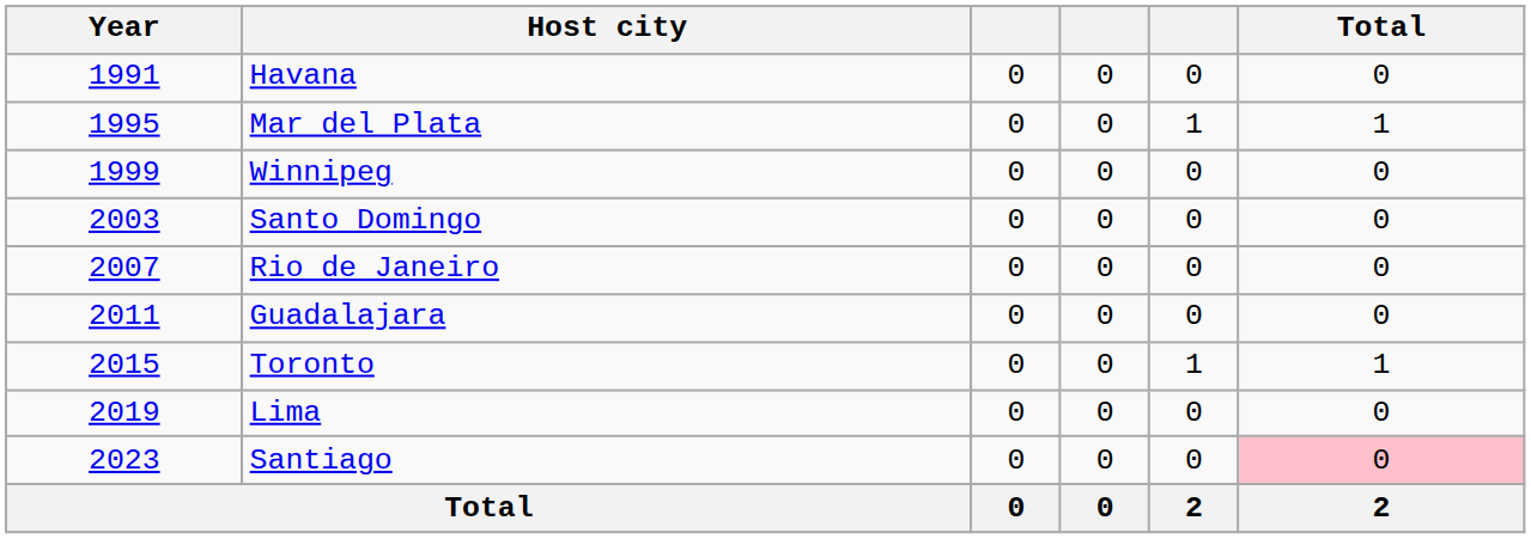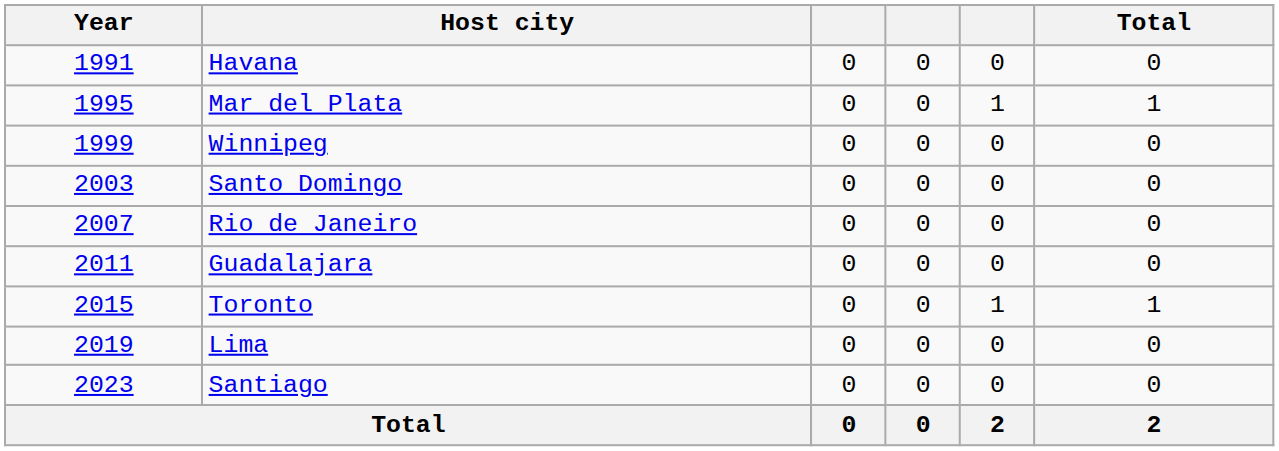 <table class="wikitable sortable" style=" text-align:center; font-size:95%;" width="50%">
 <tr>
 <th>Year</th>
 <th>Host city</th>
 <th></th>
 <th></th>
 <th></th>
 <th>Total</th>
 </tr>
 <tr>
 <td><a href='#'>1991</a></td>
 <td align=left> <a href='#'>Havana</a></td>
 <td>0</td>
 <td>0</td>
 <td>0</td>
 <td>0</td>
 </tr>
 <tr>
 <td><a href='#'>1995</a></td>
 <td align=left> <a href='#'>Mar del Plata</a></td>
 <td>0</td>
 <td>0</td>
 <td>1</td>
 <td>1</td>
 </tr>
 <tr>
 <td><a href='#'>1999</a></td>
 <td align=left> <a href='#'>Winnipeg</a></td>
 <td>0</td>
 <td>0</td>
 <td>0</td>
 <td>0</td>
 </tr>
 <tr>
 <td><a href='#'>2003</a></td>
 <td align=left> <a href='#'>Santo Domingo</a></td>
 <td>0</td>
 <td>0</td>
 <td>0</td>
 <td>0</td>
 </tr>
 <tr>
 <td><a href='#'>2007</a></td>
 <td align=left> <a href='#'>Rio de Janeiro</a></td>
 <td>0</td>
 <td>0</td>
 <td>0</td>
 <td>0</td>
 </tr>
 <tr>
 <td><a href='#'>2011</a></td>
 <td align=left> <a href='#'>Guadalajara</a></td>
 <td>0</td>
 <td>0</td>
 <td>0</td>
 <td>0</td>
 </tr>
 <tr>
 <td><a href='#'>2015</a></td>
 <td align=left> <a href='#'>Toronto</a></td>
 <td>0</td>
 <td>0</td>
 <td>1</td>
 <td>1</td>
 </tr>
 <tr>
 <td><a href='#'>2019</a></td>
 <td align=left> <a href='#'>Lima</a></td>
 <td>0</td>
 <td>0</td>
 <td>0</td>
 <td>0</td>
 </tr>
 <tr>
 <td><a href='#'>2023</a></td>
 <td align=left> <a href='#'>Santiago</a></td>
 <td>0</td>
 <td>0</td>
 <td>0</td>
-<td style="background: pink;">0</td>
+<td>0</td>
 </tr>
 <tr>
 <th colspan="2">Total</th>
 <th>0</th>
 <th>0</th>
 <th>2</th>
 <th>2</th>
 </tr>
 </table>
